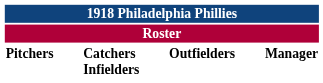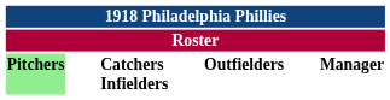 <table class="toccolours" style="font-size: 95%;">
 <tr>
 <th colspan="10" style="background-color: #0f437c; color: white; text-align: center;">1918 Philadelphia Phillies</th>
 </tr>
 <tr>
 <td colspan="10" style="background-color: #af0039; color: white; text-align: center;"><strong>Roster</strong></td>
 </tr>
 <tr>
-<td valign="top"><strong>Pitchers</strong><br>          </td>
+<td valign="top" style="background: lightgreen;"><strong>Pitchers</strong><br>          </td>
 <td width="25px"></td>
 <td valign="top"><strong>Catchers</strong><br>    <strong>Infielders</strong>      </td>
 <td width="25px"></td>
 <td valign="top"><strong>Outfielders</strong><br>     </td>
 <td width="25px"></td>
 <td valign="top"><strong>Manager</strong><br></td>
 </tr>
 </table>
